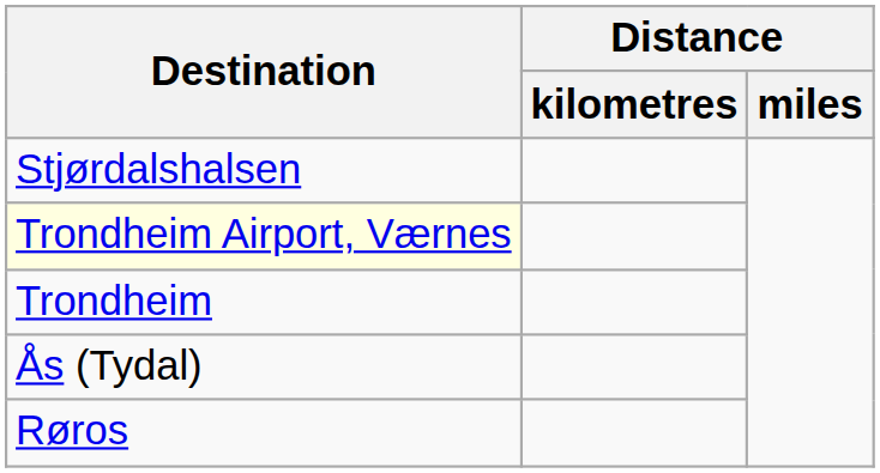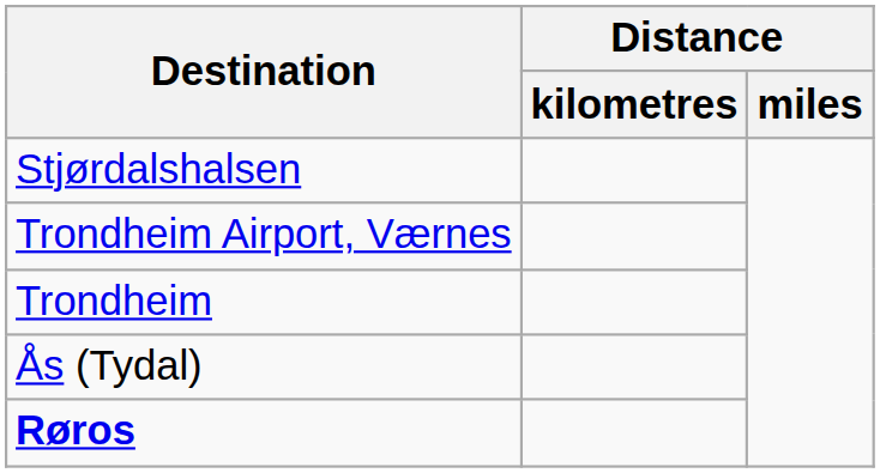 <table class="wikitable">
 <tr>
 <th rowspan=2>Destination</th>
 <th colspan=2>Distance</th>
 </tr>
 <tr>
 <th>kilometres</th>
 <th>miles</th>
 </tr>
 <tr>
 <td><a href='#'>Stjørdalshalsen</a></td>
 <td></td>
 </tr>
 <tr>
-<td style="background: lightyellow;"><a href='#'>Trondheim Airport, Værnes</a></td>
+<td><a href='#'>Trondheim Airport, Værnes</a></td>
 <td></td>
 </tr>
 <tr>
 <td><a href='#'>Trondheim</a></td>
 <td></td>
 </tr>
 <tr>
 <td><a href='#'>Ås</a> (Tydal)</td>
 <td></td>
 </tr>
 <tr>
-<td><a href='#'>Røros</a></td>
+<td><strong><a href='#'>Røros</a></strong></td>
 <td></td>
 </tr>
 </table>
